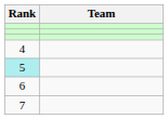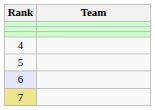 <table class=wikitable style="text-align:center;">
 <tr>
 <th width=40>Rank</th>
 <th width=160>Team</th>
 </tr>
 <tr bgcolor="#ccffcc">
 <td></td>
 <td align=left></td>
 </tr>
 <tr bgcolor="#ccffcc">
 <td></td>
 <td align=left></td>
 </tr>
 <tr bgcolor="#ccffcc">
 <td></td>
 <td align=left></td>
 </tr>
 <tr>
 <td>4</td>
 <td align=left></td>
 </tr>
 <tr>
-<td style="background: paleturquoise;">5</td>
+<td>5</td>
 <td align=left></td>
 </tr>
 <tr>
-<td>6</td>
+<td style="background: lavender;">6</td>
 <td align=left></td>
 </tr>
 <tr>
-<td>7</td>
+<td style="background: khaki;">7</td>
 <td align=left></td>
 </tr>
 </table>
